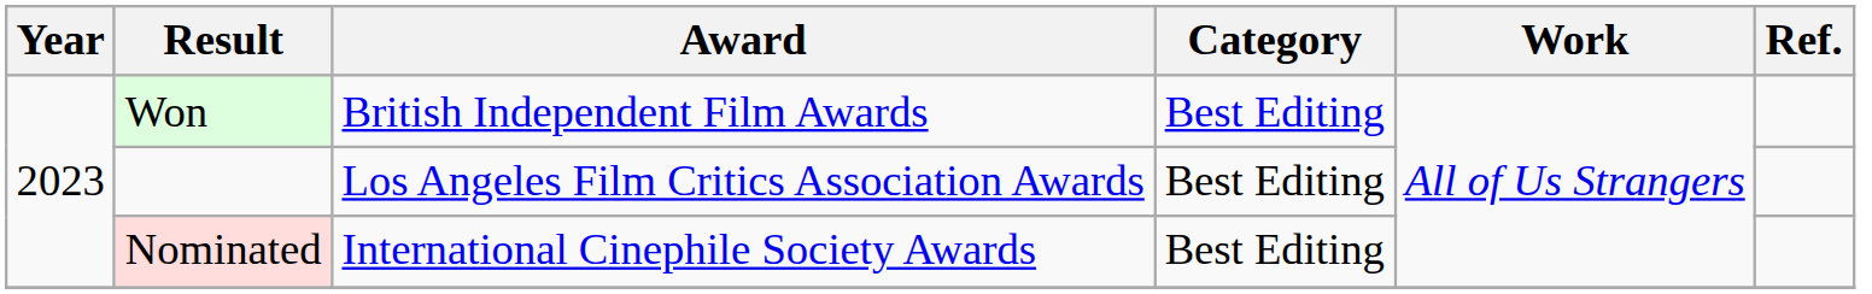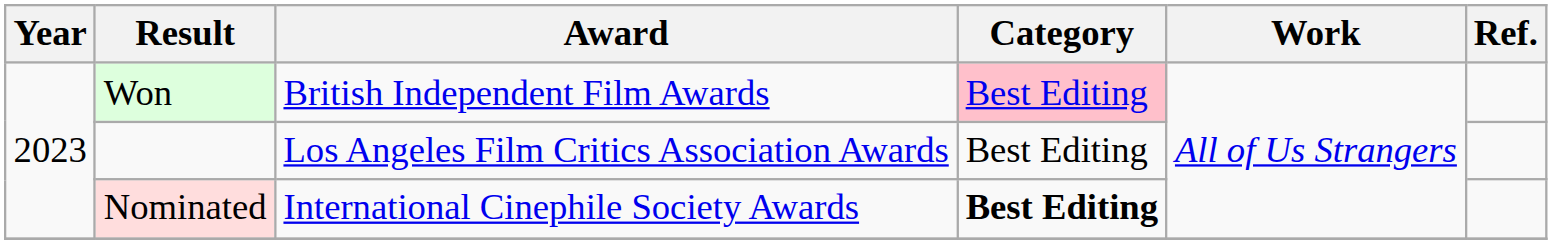 <table class="wikitable">
 <tr>
 <th>Year</th>
 <th>Result</th>
 <th>Award</th>
 <th>Category</th>
 <th>Work</th>
 <th>Ref.</th>
 </tr>
 <tr>
 <td rowspan="3">2023</td>
 <td style="background: #ddffdd">Won</td>
 <td><a href='#'>British Independent Film Awards</a></td>
-<td><a href='#'>Best Editing</a></td>
+<td style="background: pink;"><a href='#'>Best Editing</a></td>
 <td rowspan="3"><em><a href='#'>All of Us Strangers</a></em></td>
 <td></td>
 </tr>
 <tr>
 <td></td>
 <td><a href='#'>Los Angeles Film Critics Association Awards</a></td>
 <td>Best Editing</td>
 <td></td>
 </tr>
 <tr>
 <td style="background: #ffdddd">Nominated</td>
 <td><a href='#'>International Cinephile Society Awards</a></td>
-<td>Best Editing</td>
+<td><strong>Best Editing</strong></td>
 <td></td>
 </tr>
 <tr>
 </tr>
 </table>
